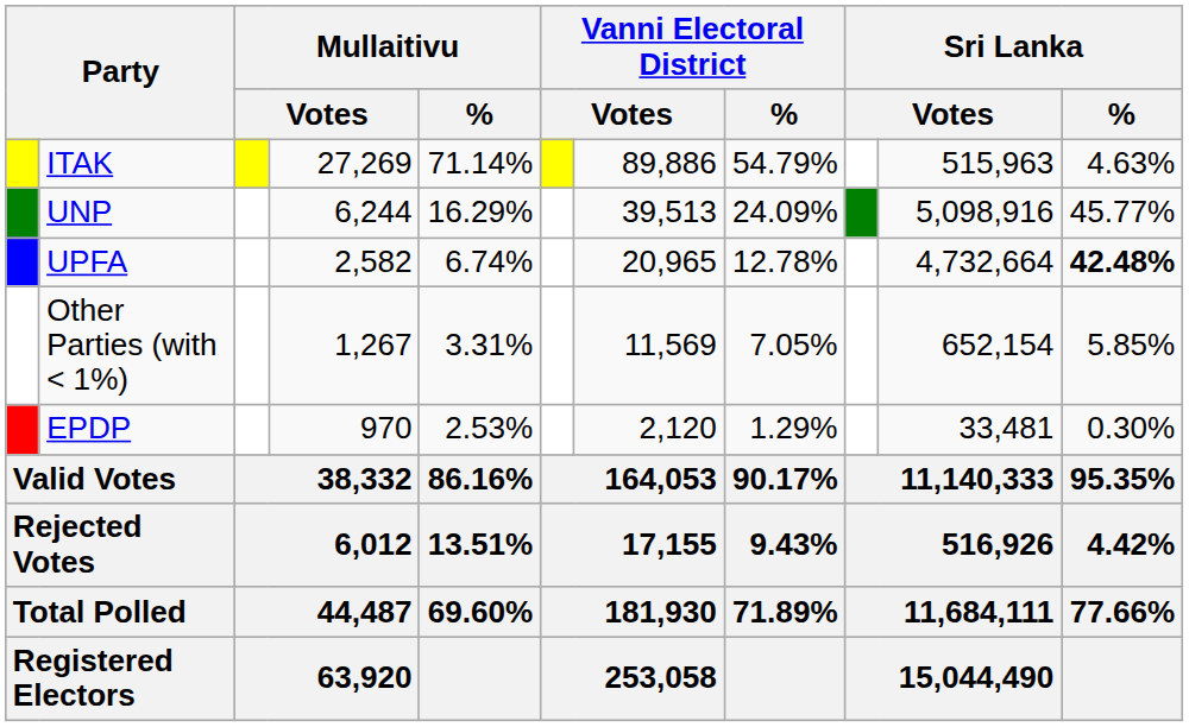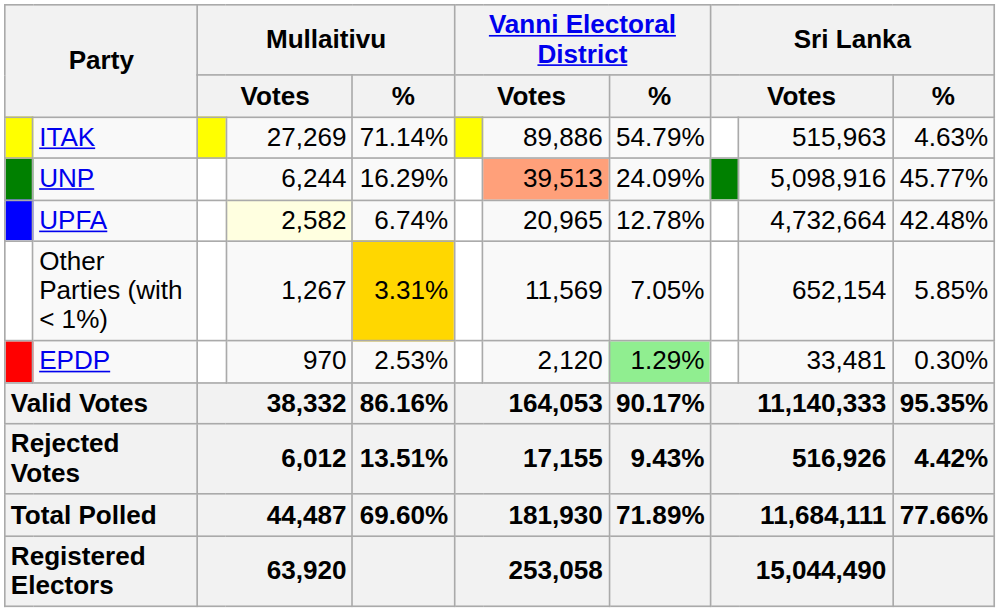 <table class="wikitable">
 <tr>
 <th colspan="2" width="144px"rowspan="2">Party</th>
 <th colspan="3" width="216px">Mullaitivu</th>
 <th colspan="3" width="216px"><a href='#'>Vanni Electoral District</a></th>
 <th colspan="3" width="216px">Sri Lanka</th>
 </tr>
 <tr>
 <th colspan="2" width="144px">Votes</th>
 <th>%</th>
 <th colspan="2" width="144px">Votes</th>
 <th>%</th>
 <th colspan="2" width="144px">Votes</th>
 <th>%</th>
 </tr>
 <tr>
 <td style="background-color:yellow;" width="10px"></td>
 <td style="text-align:left;"><a href='#'>ITAK</a></td>
 <td style="background-color:yellow;" width="10px"></td>
 <td style="text-align:right;">27,269</td>
 <td style="text-align:right;">71.14%</td>
 <td style="background-color:yellow;" width="10px"></td>
 <td style="text-align:right;">89,886</td>
 <td style="text-align:right;">54.79%</td>
 <td style="background-color:white;" width="10px"></td>
 <td style="text-align:right;">515,963</td>
 <td style="text-align:right;">4.63%</td>
 </tr>
 <tr>
 <td style="background-color:green;" width="10px"></td>
 <td style="text-align:left;"><a href='#'>UNP</a></td>
 <td style="background-color:white;" width="10px"></td>
 <td style="text-align:right;">6,244</td>
 <td style="text-align:right;">16.29%</td>
 <td style="background-color:white;" width="10px"></td>
-<td style="text-align:right;">39,513</td>
+<td style="background: lightsalmon; text-align:right;">39,513</td>
 <td style="text-align:right;">24.09%</td>
 <td style="background-color:green;" width="10px"></td>
 <td style="text-align:right;">5,098,916</td>
 <td style="text-align:right;">45.77%</td>
 </tr>
 <tr>
 <td style="background-color:blue;" width="10px"></td>
 <td style="text-align:left;"><a href='#'>UPFA</a></td>
 <td style="background-color:white;" width="10px"></td>
-<td style="text-align:right;">2,582</td>
+<td style="background: lightyellow; text-align:right;">2,582</td>
 <td style="text-align:right;">6.74%</td>
 <td style="background-color:white;" width="10px"></td>
 <td style="text-align:right;">20,965</td>
 <td style="text-align:right;">12.78%</td>
 <td style="background-color:white;" width="10px"></td>
 <td style="text-align:right;">4,732,664</td>
-<td style="text-align:right;"><strong>42.48%</strong></td>
+<td style="text-align:right;">42.48%</td>
 </tr>
 <tr>
 <td style="background-color:white;" width="10px"></td>
 <td style="text-align:left;">Other Parties (with < 1%)</td>
 <td style="background-color:white;" width="10px"></td>
 <td style="text-align:right;">1,267</td>
-<td style="text-align:right;">3.31%</td>
+<td style="background: gold; text-align:right;">3.31%</td>
 <td style="background-color:white;" width="10px"></td>
 <td style="text-align:right;">11,569</td>
 <td style="text-align:right;">7.05%</td>
 <td style="background-color:white;" width="10px"></td>
 <td style="text-align:right;">652,154</td>
 <td style="text-align:right;">5.85%</td>
 </tr>
 <tr>
 <td style="background-color:red;" width="10px"></td>
 <td style="text-align:left;"><a href='#'>EPDP</a></td>
 <td style="background-color:white;" width="10px"></td>
 <td style="text-align:right;">970</td>
 <td style="text-align:right;">2.53%</td>
 <td style="background-color:white;" width="10px"></td>
 <td style="text-align:right;">2,120</td>
-<td style="text-align:right;">1.29%</td>
+<td style="background: lightgreen; text-align:right;">1.29%</td>
 <td style="background-color:white;" width="10px"></td>
 <td style="text-align:right;">33,481</td>
 <td style="text-align:right;">0.30%</td>
 </tr>
 <tr>
 <th colspan="2" width="144px"style="text-align:left;">Valid Votes</th>
 <th style="text-align:right;"colspan="2" width="144px">38,332</th>
 <th style="text-align:right;">86.16%</th>
 <th style="text-align:right;"colspan="2" width="144px">164,053</th>
 <th style="text-align:right;">90.17%</th>
 <th style="text-align:right;"colspan="2" width="144px">11,140,333</th>
 <th style="text-align:right;">95.35%</th>
 </tr>
 <tr>
 <th colspan="2" width="144px"style="text-align:left;">Rejected Votes</th>
 <th style="text-align:right;"colspan="2" width="144px">6,012</th>
 <th style="text-align:right;">13.51%</th>
 <th style="text-align:right;"colspan="2" width="144px">17,155</th>
 <th style="text-align:right;">9.43%</th>
 <th style="text-align:right;"colspan="2" width="144px">516,926</th>
 <th style="text-align:right;">4.42%</th>
 </tr>
 <tr>
 <th colspan="2" width="144px"style="text-align:left;">Total Polled</th>
 <th style="text-align:right;"colspan="2" width="144px">44,487</th>
 <th style="text-align:right;">69.60%</th>
 <th style="text-align:right;"colspan="2" width="144px">181,930</th>
 <th style="text-align:right;">71.89%</th>
 <th style="text-align:right;"colspan="2" width="144px">11,684,111</th>
 <th style="text-align:right;">77.66%</th>
 </tr>
 <tr>
 <th colspan="2" width="144px"style="text-align:left;">Registered Electors</th>
 <th style="text-align:right;"colspan="2" width="144px">63,920</th>
 <th></th>
 <th style="text-align:right;"colspan="2" width="144px">253,058</th>
 <th></th>
 <th style="text-align:right;"colspan="2" width="144px">15,044,490</th>
 <th></th>
 </tr>
 </table>
